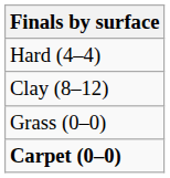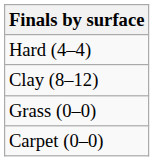 <table class="wikitable" style=font-size:97%>
 <tr>
 <th>Finals by surface</th>
 </tr>
 <tr>
 <td>Hard (4–4)</td>
 </tr>
 <tr>
 <td>Clay (8–12)</td>
 </tr>
 <tr>
 <td>Grass (0–0)</td>
 </tr>
 <tr>
-<td><strong>Carpet (0–0)</strong></td>
+<td>Carpet (0–0)</td>
 </tr>
 </table>
